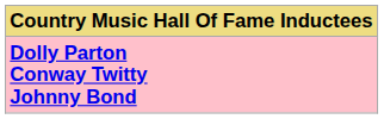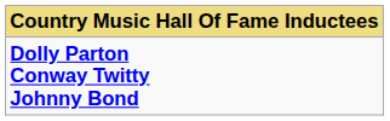 <table class="wikitable">
 <tr>
 <th style="background:#EEDD82; width=50%">Country Music Hall Of Fame Inductees</th>
 </tr>
 <tr>
-<td valign="top" style="background: pink;"><strong><a href='#'>Dolly Parton</a></strong><br><strong><a href='#'>Conway Twitty</a></strong><br><strong><a href='#'>Johnny Bond</a></strong></td>
+<td valign="top"><strong><a href='#'>Dolly Parton</a></strong><br><strong><a href='#'>Conway Twitty</a></strong><br><strong><a href='#'>Johnny Bond</a></strong></td>
 </tr>
 </table>
